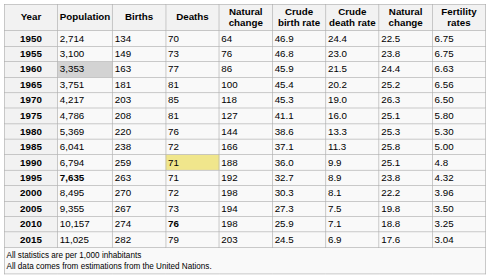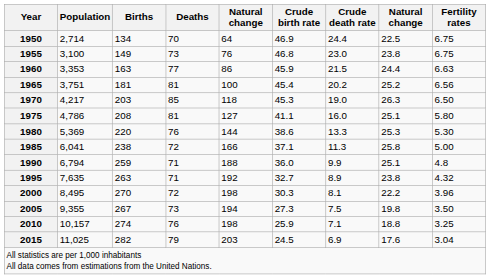 <table class="wikitable sortable center">
 <tr>
 <th width="80pt">Year</th>
 <th width="80pt">Population</th>
 <th width="80pt">Births</th>
 <th width="80pt">Deaths</th>
 <th width="80pt">Natural change</th>
 <th width="80pt">Crude birth rate</th>
 <th width="80pt">Crude death rate</th>
 <th width="80pt">Natural change</th>
 <th width="80pt">Fertility rates</th>
 </tr>
 <tr>
 <th>1950</th>
 <td>2,714</td>
 <td>134</td>
 <td>70</td>
 <td>64</td>
 <td>46.9</td>
 <td>24.4</td>
 <td>22.5</td>
 <td>6.75</td>
 </tr>
 <tr>
 <th>1955</th>
 <td>3,100</td>
 <td>149</td>
 <td>73</td>
 <td>76</td>
 <td>46.8</td>
 <td>23.0</td>
 <td>23.8</td>
 <td>6.75</td>
 </tr>
 <tr>
 <th>1960</th>
-<td style="background: lightgrey;">3,353</td>
+<td>3,353</td>
 <td>163</td>
 <td>77</td>
 <td>86</td>
 <td>45.9</td>
 <td>21.5</td>
 <td>24.4</td>
 <td>6.63</td>
 </tr>
 <tr>
 <th>1965</th>
 <td>3,751</td>
 <td>181</td>
 <td>81</td>
 <td>100</td>
 <td>45.4</td>
 <td>20.2</td>
 <td>25.2</td>
 <td>6.56</td>
 </tr>
 <tr>
 <th>1970</th>
 <td>4,217</td>
 <td>203</td>
 <td>85</td>
 <td>118</td>
 <td>45.3</td>
 <td>19.0</td>
 <td>26.3</td>
 <td>6.50</td>
 </tr>
 <tr>
 <th>1975</th>
 <td>4,786</td>
 <td>208</td>
 <td>81</td>
 <td>127</td>
 <td>41.1</td>
 <td>16.0</td>
 <td>25.1</td>
 <td>5.80</td>
 </tr>
 <tr>
 <th>1980</th>
 <td>5,369</td>
 <td>220</td>
 <td>76</td>
 <td>144</td>
 <td>38.6</td>
 <td>13.3</td>
 <td>25.3</td>
 <td>5.30</td>
 </tr>
 <tr>
 <th>1985</th>
 <td>6,041</td>
 <td>238</td>
 <td>72</td>
 <td>166</td>
 <td>37.1</td>
 <td>11.3</td>
 <td>25.8</td>
 <td>5.00</td>
 </tr>
 <tr>
 <th>1990</th>
 <td>6,794</td>
 <td>259</td>
-<td style="background: khaki;">71</td>
+<td>71</td>
 <td>188</td>
 <td>36.0</td>
 <td>9.9</td>
 <td>25.1</td>
 <td>4.8</td>
 </tr>
 <tr>
 <th>1995</th>
-<td><strong>7,635</strong></td>
+<td>7,635</td>
 <td>263</td>
 <td>71</td>
 <td>192</td>
 <td>32.7</td>
 <td>8.9</td>
 <td>23.8</td>
 <td>4.32</td>
 </tr>
 <tr>
 <th>2000</th>
 <td>8,495</td>
 <td>270</td>
 <td>72</td>
 <td>198</td>
 <td>30.3</td>
 <td>8.1</td>
 <td>22.2</td>
 <td>3.96</td>
 </tr>
 <tr>
 <th>2005</th>
 <td>9,355</td>
 <td>267</td>
 <td>73</td>
 <td>194</td>
 <td>27.3</td>
 <td>7.5</td>
 <td>19.8</td>
 <td>3.50</td>
 </tr>
 <tr>
 <th>2010</th>
 <td>10,157</td>
 <td>274</td>
-<td><strong>76</strong></td>
+<td>76</td>
 <td>198</td>
 <td>25.9</td>
 <td>7.1</td>
 <td>18.8</td>
 <td>3.25</td>
 </tr>
 <tr>
 <th>2015</th>
 <td>11,025</td>
 <td>282</td>
 <td>79</td>
 <td>203</td>
 <td>24.5</td>
 <td>6.9</td>
 <td>17.6</td>
 <td>3.04</td>
 </tr>
 <tr>
 <td colspan="9" align="left"><small>All statistics are per 1,000 inhabitants<br>All data comes from estimations from the United Nations.</small></td>
 </tr>
 </table>
